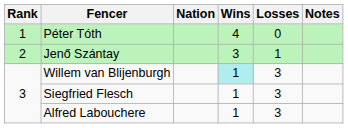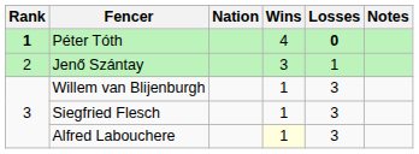 <table class="wikitable sortable" style="text-align:center">
 <tr>
 <th>Rank</th>
 <th>Fencer</th>
 <th>Nation</th>
 <th>Wins</th>
 <th>Losses</th>
 <th>Notes</th>
 </tr>
 <tr bgcolor=bbf3bb>
-<td>1</td>
+<td><strong>1</strong></td>
 <td align=left>Péter Tóth</td>
 <td align=left></td>
 <td>4</td>
-<td>0</td>
+<td><strong>0</strong></td>
 <td></td>
 </tr>
 <tr bgcolor=bbf3bb>
 <td>2</td>
 <td align=left>Jenő Szántay</td>
 <td align=left></td>
 <td>3</td>
 <td>1</td>
 <td></td>
 </tr>
 <tr>
 <td rowspan=3>3</td>
 <td align=left>Willem van Blijenburgh</td>
 <td align=left></td>
-<td style="background: paleturquoise;">1</td>
+<td>1</td>
 <td>3</td>
 <td></td>
 </tr>
 <tr>
 <td align=left>Siegfried Flesch</td>
 <td align=left></td>
 <td>1</td>
 <td>3</td>
 <td></td>
 </tr>
 <tr>
 <td align=left>Alfred Labouchere</td>
 <td align=left></td>
-<td>1</td>
+<td style="background: lightyellow;">1</td>
 <td>3</td>
 <td></td>
 </tr>
 </table>
